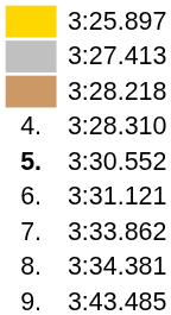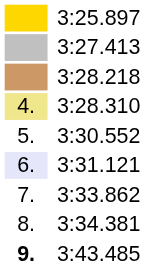 <table style="text-align:center">
 <tr>
 <td width=30 bgcolor=gold></td>
 <td align=left></td>
 <td>3:25.897</td>
 </tr>
 <tr>
 <td bgcolor=silver></td>
 <td align=left></td>
 <td>3:27.413</td>
 </tr>
 <tr>
 <td bgcolor=cc9966></td>
 <td align=left></td>
 <td>3:28.218</td>
 </tr>
 <tr>
-<td>4.</td>
+<td style="background: khaki;">4.</td>
 <td align=left></td>
 <td>3:28.310</td>
 </tr>
 <tr>
-<td><strong>5.</strong></td>
+<td>5.</td>
 <td align=left></td>
 <td>3:30.552</td>
 </tr>
 <tr>
-<td>6.</td>
+<td style="background: lavender;">6.</td>
 <td align=left></td>
 <td>3:31.121</td>
 </tr>
 <tr>
 <td>7.</td>
 <td align=left></td>
 <td>3:33.862</td>
 </tr>
 <tr>
 <td>8.</td>
 <td align=left></td>
 <td>3:34.381</td>
 </tr>
 <tr>
-<td>9.</td>
+<td><strong>9.</strong></td>
 <td align=left></td>
 <td>3:43.485</td>
 </tr>
 </table>
